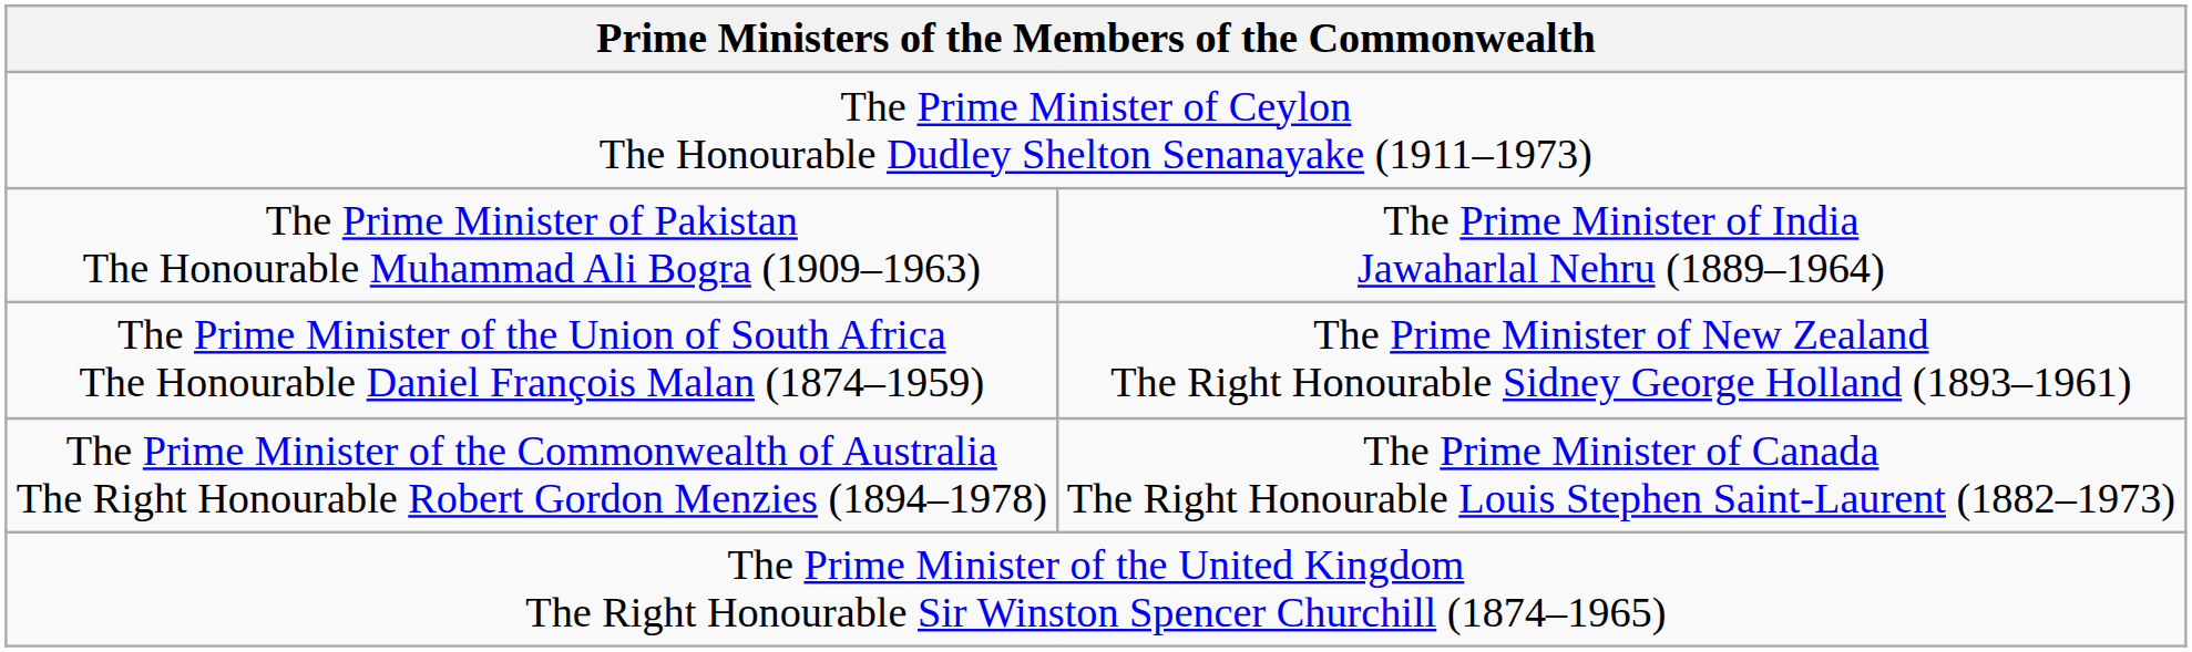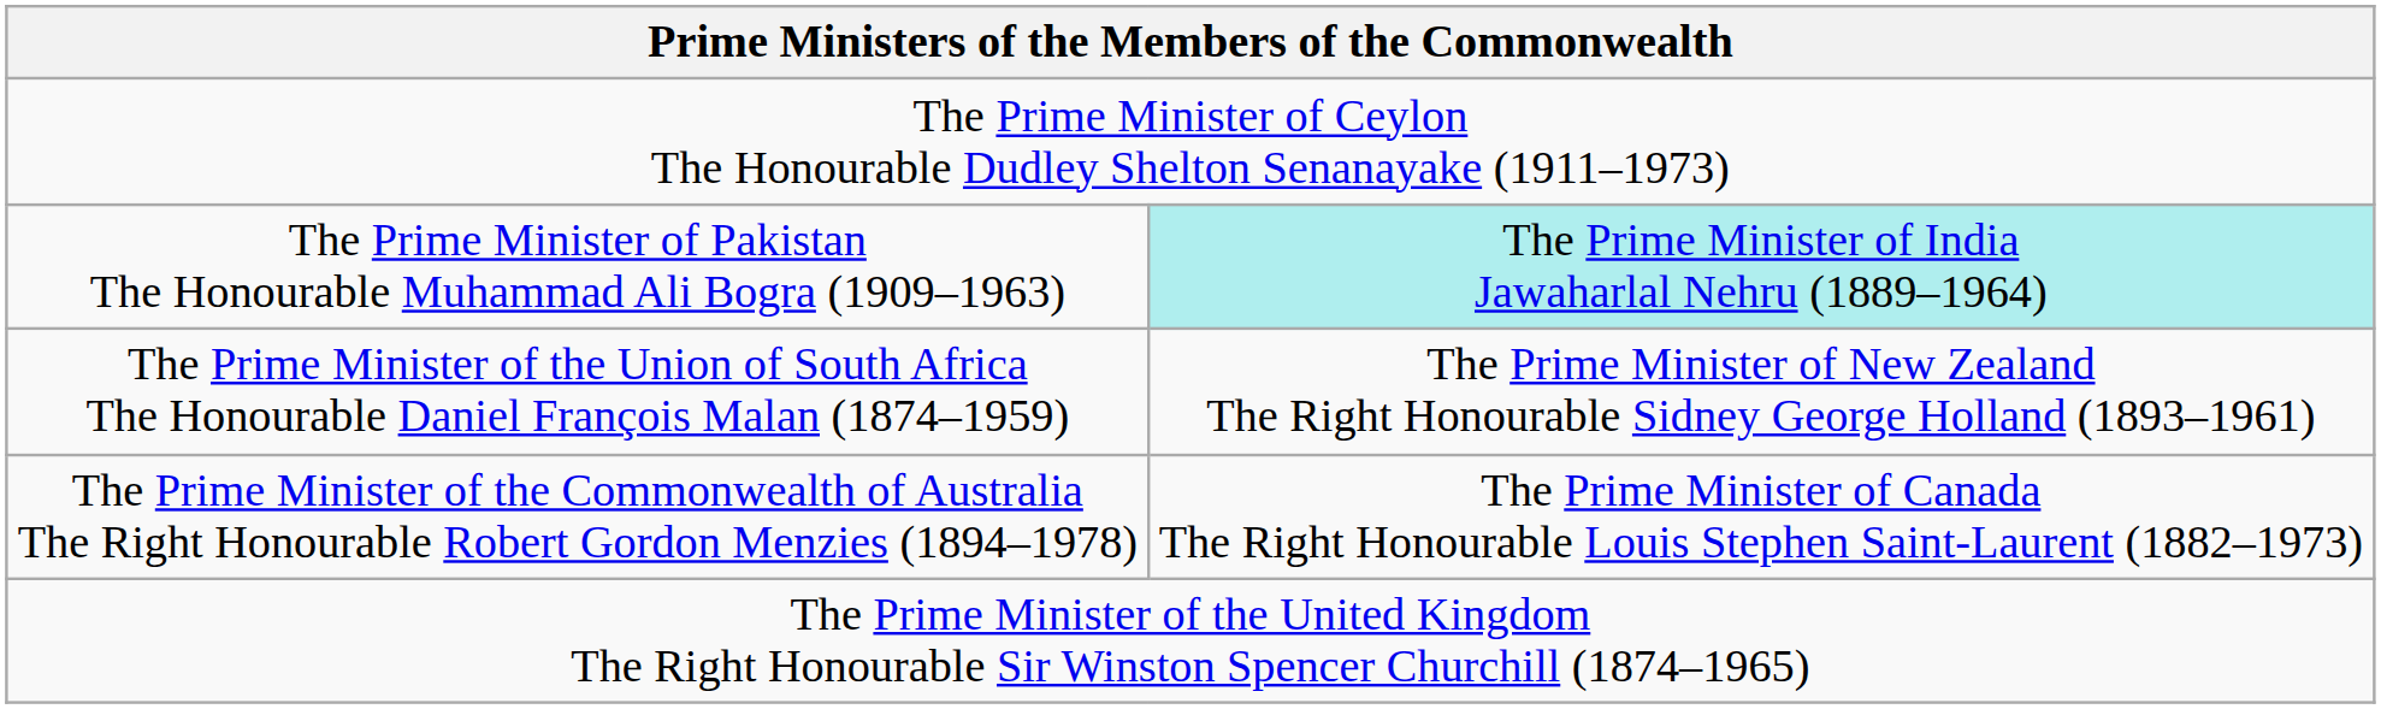 <table class="wikitable" style="text-align:center; margin-left: auto; margin-right: auto; border: none;">
 <tr>
 <th colspan="2">Prime Ministers of the Members of the Commonwealth</th>
 </tr>
 <tr>
 <td colspan="2">The <a href='#'>Prime Minister of Ceylon</a><br>The Honourable <a href='#'>Dudley Shelton Senanayake</a> (1911–1973)</td>
 </tr>
 <tr>
 <td>The <a href='#'>Prime Minister of Pakistan</a><br>The Honourable <a href='#'>Muhammad Ali Bogra</a> (1909–1963)</td>
-<td>The <a href='#'>Prime Minister of India</a><br><a href='#'>Jawaharlal Nehru</a> (1889–1964)</td>
+<td style="background: paleturquoise;">The <a href='#'>Prime Minister of India</a><br><a href='#'>Jawaharlal Nehru</a> (1889–1964)</td>
 </tr>
 <tr>
 <td>The <a href='#'>Prime Minister of the Union of South Africa</a><br>The Honourable <a href='#'>Daniel François Malan</a> (1874–1959)</td>
 <td>The <a href='#'>Prime Minister of New Zealand</a><br>The Right Honourable <a href='#'>Sidney George Holland</a>  (1893–1961)</td>
 </tr>
 <tr>
 <td>The <a href='#'>Prime Minister of the Commonwealth of Australia</a><br>The Right Honourable <a href='#'>Robert Gordon Menzies</a>  (1894–1978)</td>
 <td>The <a href='#'>Prime Minister of Canada</a><br>The Right Honourable <a href='#'>Louis Stephen Saint-Laurent</a>  (1882–1973)</td>
 </tr>
 <tr>
 <td colspan="2">The <a href='#'>Prime Minister of the United Kingdom</a><br>The Right Honourable <a href='#'>Sir Winston Spencer Churchill</a>  (1874–1965)</td>
 </tr>
 </table>
